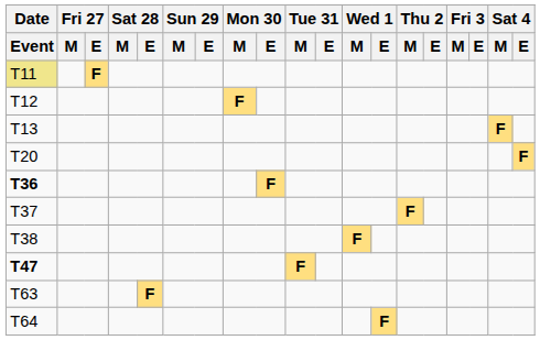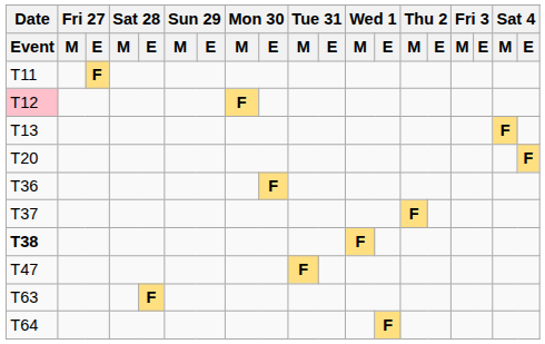 <table class="wikitable" style="margin:0.5em auto; font-size:90%; line-height:1.25em;">
 <tr align="center">
 </tr>
 <tr>
 <th>Date</th>
 <th colspan="2">Fri 27</th>
 <th colspan="2">Sat 28</th>
 <th colspan="2">Sun 29</th>
 <th colspan="2">Mon 30</th>
 <th colspan="2">Tue 31</th>
 <th colspan="2">Wed 1</th>
 <th colspan="2">Thu 2</th>
 <th colspan="2">Fri 3</th>
 <th colspan="2">Sat 4</th>
 </tr>
 <tr>
 <th>Event</th>
 <th>M</th>
 <th>E</th>
 <th>M</th>
 <th>E</th>
 <th>M</th>
 <th>E</th>
 <th>M</th>
 <th>E</th>
 <th>M</th>
 <th>E</th>
 <th>M</th>
 <th>E</th>
 <th>M</th>
 <th>E</th>
 <th>M</th>
 <th>E</th>
 <th>M</th>
 <th>E</th>
 </tr>
 <tr align="center">
-<td align="left" style="background: khaki;">T11</td>
+<td align="left">T11</td>
 <td></td>
 <td bgcolor="#FFDF80"><strong>F</strong></td>
 <td colspan="2"></td>
 <td colspan="2"></td>
 <td colspan="2"></td>
 <td colspan="2"></td>
 <td colspan="2"></td>
 <td colspan="2"></td>
 <td colspan="2"></td>
 <td colspan="2"></td>
 </tr>
 <tr align="center">
-<td align="left">T12</td>
+<td align="left" style="background: pink;">T12</td>
 <td colspan="2"></td>
 <td colspan="2"></td>
 <td colspan="2"></td>
 <td bgcolor="#FFDF80"><strong>F</strong></td>
 <td></td>
 <td colspan="2"></td>
 <td colspan="2"></td>
 <td colspan="2"></td>
 <td colspan="2"></td>
 <td colspan="2"></td>
 </tr>
 <tr align="center">
 <td align="left">T13</td>
 <td colspan="2"></td>
 <td colspan="2"></td>
 <td colspan="2"></td>
 <td colspan="2"></td>
 <td colspan="2"></td>
 <td colspan="2"></td>
 <td colspan="2"></td>
 <td colspan="2"></td>
 <td bgcolor="#FFDF80"><strong>F</strong></td>
 <td></td>
 </tr>
 <tr align="center">
 <td align="left">T20</td>
 <td colspan="2"></td>
 <td colspan="2"></td>
 <td colspan="2"></td>
 <td colspan="2"></td>
 <td colspan="2"></td>
 <td colspan="2"></td>
 <td colspan="2"></td>
 <td colspan="2"></td>
 <td></td>
 <td bgcolor="#FFDF80"><strong>F</strong></td>
 </tr>
 <tr align="center">
-<td align="left"><strong>T36</strong></td>
+<td align="left">T36</td>
 <td colspan="2"></td>
 <td colspan="2"></td>
 <td colspan="2"></td>
 <td></td>
 <td bgcolor="#FFDF80"><strong>F</strong></td>
 <td colspan="2"></td>
 <td colspan="2"></td>
 <td colspan="2"></td>
 <td colspan="2"></td>
 <td colspan="2"></td>
 </tr>
 <tr align="center">
 <td align="left">T37</td>
 <td colspan="2"></td>
 <td colspan="2"></td>
 <td colspan="2"></td>
 <td colspan="2"></td>
 <td colspan="2"></td>
 <td colspan="2"></td>
 <td bgcolor="#FFDF80"><strong>F</strong></td>
 <td></td>
 <td colspan="2"></td>
 <td colspan="2"></td>
 </tr>
 <tr align="center">
-<td align="left">T38</td>
+<td align="left"><strong>T38</strong></td>
 <td colspan="2"></td>
 <td colspan="2"></td>
 <td colspan="2"></td>
 <td colspan="2"></td>
 <td colspan="2"></td>
 <td bgcolor="#FFDF80"><strong>F</strong></td>
 <td></td>
 <td colspan="2"></td>
 <td colspan="2"></td>
 <td colspan="2"></td>
 </tr>
 <tr align="center">
-<td align="left"><strong>T47</strong></td>
+<td align="left">T47</td>
 <td colspan="2"></td>
 <td colspan="2"></td>
 <td colspan="2"></td>
 <td colspan="2"></td>
 <td bgcolor="#FFDF80"><strong>F</strong></td>
 <td></td>
 <td colspan="2"></td>
 <td colspan="2"></td>
 <td colspan="2"></td>
 <td colspan="2"></td>
 </tr>
 <tr align="center">
 <td align="left">T63</td>
 <td colspan="2"></td>
 <td></td>
 <td bgcolor="#FFDF80"><strong>F</strong></td>
 <td colspan="2"></td>
 <td colspan="2"></td>
 <td colspan="2"></td>
 <td colspan="2"></td>
 <td colspan="2"></td>
 <td colspan="2"></td>
 <td colspan="2"></td>
 </tr>
 <tr align="center">
 <td align="left">T64</td>
 <td colspan="2"></td>
 <td colspan="2"></td>
 <td colspan="2"></td>
 <td colspan="2"></td>
 <td colspan="2"></td>
 <td></td>
 <td bgcolor="#FFDF80"><strong>F</strong></td>
 <td colspan="2"></td>
 <td colspan="2"></td>
 <td colspan="2"></td>
 </tr>
 </table>
